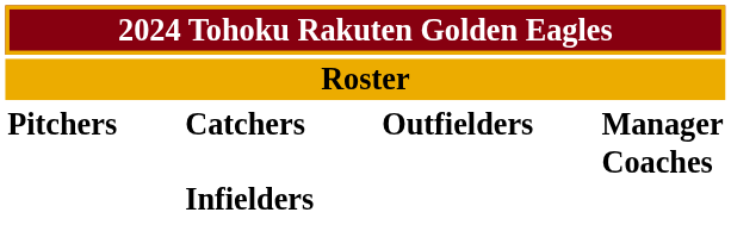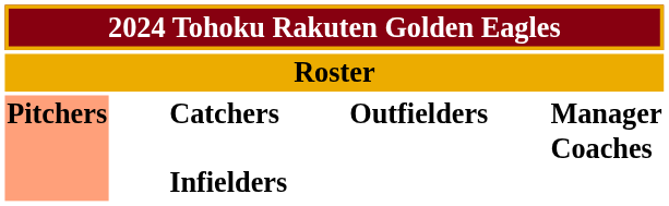 <table class="toccolours" style="font-size: 95%;">
 <tr>
 <th colspan="10" style="background:#870010; color:#FFFFFF; text-align:center; border:2px solid #ecac00">2024 Tohoku Rakuten Golden Eagles</th>
 </tr>
 <tr>
 <td colspan="10" style="background:#ecac00; color:#000000; text-align:center;"><strong>Roster</strong></td>
 </tr>
 <tr>
-<td valign="top"><strong>Pitchers</strong><br>                             </td>
+<td valign="top" style="background: lightsalmon;"><strong>Pitchers</strong><br>                             </td>
 <td style="width:25px;"></td>
 <td valign="top"><strong>Catchers</strong><br>    <br><strong>Infielders</strong>               </td>
 <td style="width:25px;"></td>
 <td valign="top"><strong>Outfielders</strong><br>      </td>
 <td style="width:25px;"></td>
 <td valign="top"><strong>Manager</strong><br> <strong>Coaches</strong>        </td>
 </tr>
 <tr>
 <td colspan="10" style="text-align: right;"></td>
 </tr>
 </table>
